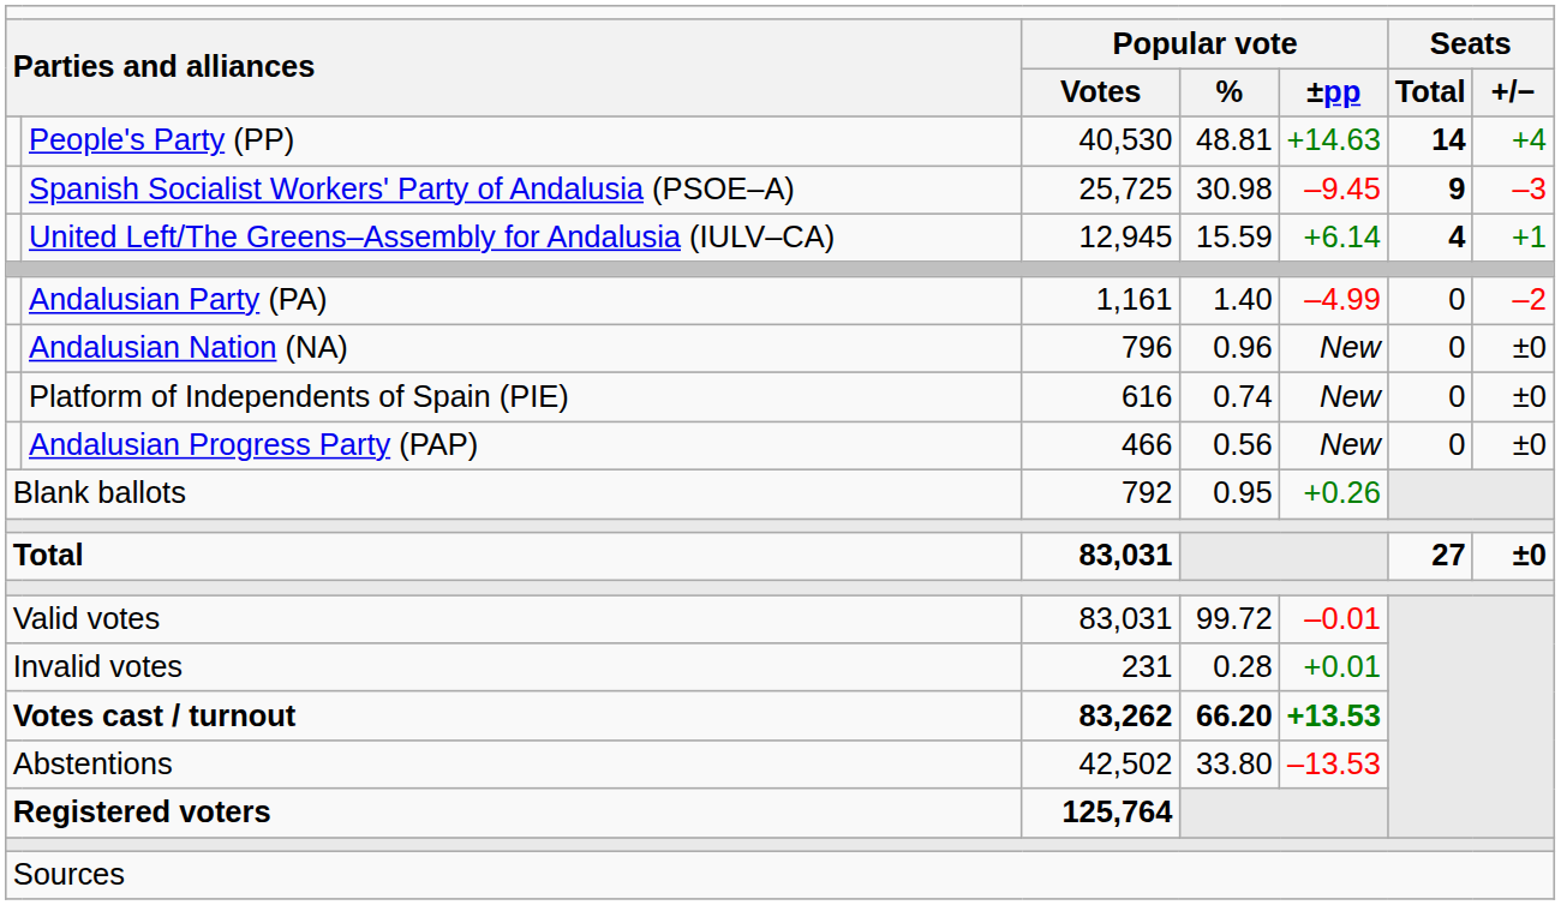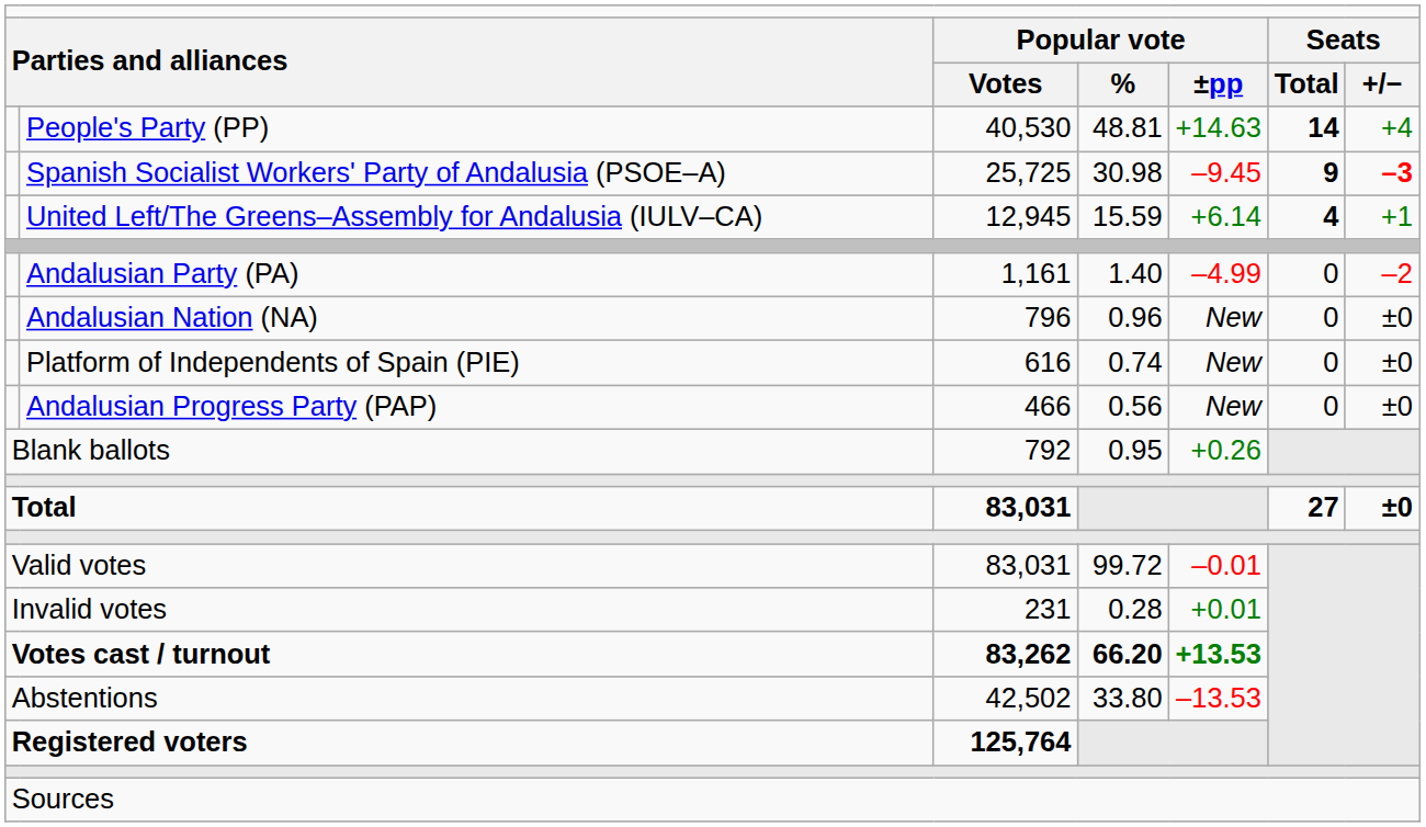 <table class="wikitable" style="text-align:right;">
 <tr>
 <td colspan="7"></td>
 </tr>
 <tr>
 <th style="text-align:left;" rowspan="2" colspan="2" width="525">Parties and alliances</th>
 <th colspan="3">Popular vote</th>
 <th colspan="2">Seats</th>
 </tr>
 <tr>
 <th width="75">Votes</th>
 <th width="45">%</th>
 <th width="45">±<a href='#'>pp</a></th>
 <th width="35">Total</th>
 <th width="35">+/−</th>
 </tr>
 <tr>
 <td width="1" style="color:inherit;background:"></td>
 <td align="left"><a href='#'>People's Party</a> (PP)</td>
 <td>40,530</td>
 <td>48.81</td>
 <td style="color:green;">+14.63</td>
 <td><strong>14</strong></td>
 <td style="color:green;">+4</td>
 </tr>
 <tr>
 <td style="color:inherit;background:"></td>
 <td align="left"><a href='#'>Spanish Socialist Workers' Party of Andalusia</a> (PSOE–A)</td>
 <td>25,725</td>
 <td>30.98</td>
 <td style="color:red;">–9.45</td>
 <td><strong>9</strong></td>
-<td style="color:red;">–3</td>
+<td style="color:red;"><strong>–3</strong></td>
 </tr>
 <tr>
 <td style="color:inherit;background:"></td>
 <td align="left"><a href='#'>United Left/The Greens–Assembly for Andalusia</a> (IULV–CA)</td>
 <td>12,945</td>
 <td>15.59</td>
 <td style="color:green;">+6.14</td>
 <td><strong>4</strong></td>
 <td style="color:green;">+1</td>
 </tr>
 <tr>
 <td colspan="7" bgcolor="#C0C0C0"></td>
 </tr>
 <tr>
 <td style="color:inherit;background:"></td>
 <td align="left"><a href='#'>Andalusian Party</a> (PA)</td>
 <td>1,161</td>
 <td>1.40</td>
 <td style="color:red;">–4.99</td>
 <td>0</td>
 <td style="color:red;">–2</td>
 </tr>
 <tr>
 <td style="color:inherit;background:"></td>
 <td align="left"><a href='#'>Andalusian Nation</a> (NA)</td>
 <td>796</td>
 <td>0.96</td>
 <td><em>New</em></td>
 <td>0</td>
 <td>±0</td>
 </tr>
 <tr>
 <td style="color:inherit;background:"></td>
 <td align="left">Platform of Independents of Spain (PIE)</td>
 <td>616</td>
 <td>0.74</td>
 <td><em>New</em></td>
 <td>0</td>
 <td>±0</td>
 </tr>
 <tr>
 <td style="color:inherit;background:"></td>
 <td align="left"><a href='#'>Andalusian Progress Party</a> (PAP)</td>
 <td>466</td>
 <td>0.56</td>
 <td><em>New</em></td>
 <td>0</td>
 <td>±0</td>
 </tr>
 <tr>
 <td align="left" colspan="2">Blank ballots</td>
 <td>792</td>
 <td>0.95</td>
 <td style="color:green;">+0.26</td>
 <td bgcolor="#E9E9E9" colspan="2"></td>
 </tr>
 <tr>
 <td colspan="7" bgcolor="#E9E9E9"></td>
 </tr>
 <tr style="font-weight:bold;">
 <td align="left" colspan="2">Total</td>
 <td>83,031</td>
 <td bgcolor="#E9E9E9" colspan="2"></td>
 <td>27</td>
 <td>±0</td>
 </tr>
 <tr>
 <td colspan="7" bgcolor="#E9E9E9"></td>
 </tr>
 <tr>
 <td align="left" colspan="2">Valid votes</td>
 <td>83,031</td>
 <td>99.72</td>
 <td style="color:red;">–0.01</td>
 <td bgcolor="#E9E9E9" colspan="2" rowspan="5"></td>
 </tr>
 <tr>
 <td align="left" colspan="2">Invalid votes</td>
 <td>231</td>
 <td>0.28</td>
 <td style="color:green;">+0.01</td>
 </tr>
 <tr style="font-weight:bold;">
 <td align="left" colspan="2">Votes cast / turnout</td>
 <td>83,262</td>
 <td>66.20</td>
 <td style="color:green;">+13.53</td>
 </tr>
 <tr>
 <td align="left" colspan="2">Abstentions</td>
 <td>42,502</td>
 <td>33.80</td>
 <td style="color:red;">–13.53</td>
 </tr>
 <tr style="font-weight:bold;">
 <td align="left" colspan="2">Registered voters</td>
 <td>125,764</td>
 <td bgcolor="#E9E9E9" colspan="2"></td>
 </tr>
 <tr>
 <td colspan="7" bgcolor="#E9E9E9"></td>
 </tr>
 <tr>
 <td align="left" colspan="7">Sources</td>
 </tr>
 </table>
